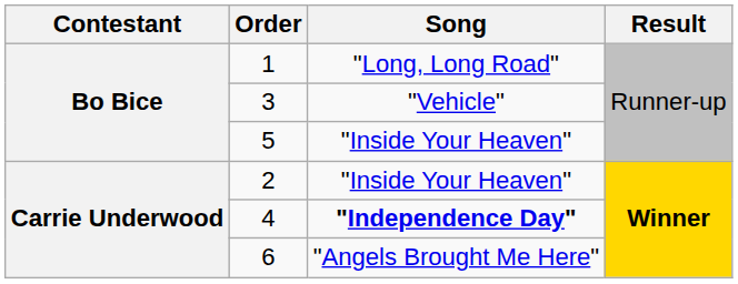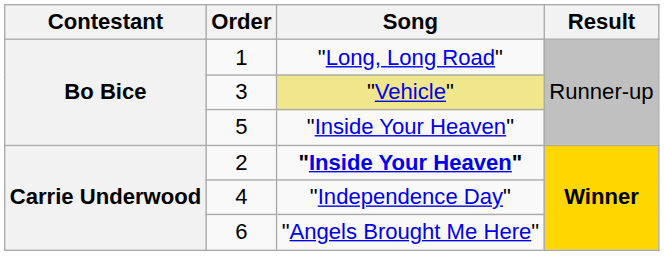 <table class="wikitable unsortable" style="text-align:center;">
 <tr>
 <th scope="col">Contestant</th>
 <th scope="col">Order</th>
 <th scope="col">Song</th>
 <th scope="col">Result</th>
 </tr>
 <tr>
 <th scope="row" rowspan="3">Bo Bice</th>
 <td>1</td>
 <td>"<a href='#'>Long, Long Road</a>"</td>
 <td rowspan="3" bgcolor="silver">Runner-up</td>
 </tr>
 <tr>
 <td>3</td>
-<td>"<a href='#'>Vehicle</a>"</td>
+<td style="background: khaki;">"<a href='#'>Vehicle</a>"</td>
 </tr>
 <tr>
 <td>5</td>
 <td>"<a href='#'>Inside Your Heaven</a>"</td>
 </tr>
 <tr>
 <th scope="row" rowspan="3">Carrie Underwood</th>
 <td>2</td>
-<td>"<a href='#'>Inside Your Heaven</a>"</td>
+<td><strong>"<a href='#'>Inside Your Heaven</a>"</strong></td>
 <td rowspan="3" bgcolor="gold"><strong>Winner</strong></td>
 </tr>
 <tr>
 <td>4</td>
-<td><strong>"<a href='#'>Independence Day</a>"</strong></td>
+<td>"<a href='#'>Independence Day</a>"</td>
 </tr>
 <tr>
 <td>6</td>
 <td>"<a href='#'>Angels Brought Me Here</a>"</td>
 </tr>
 </table>
